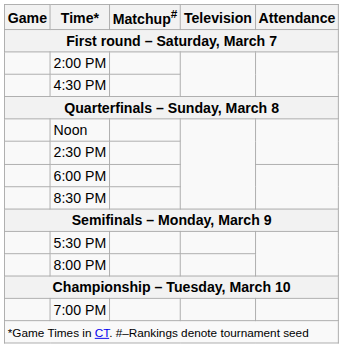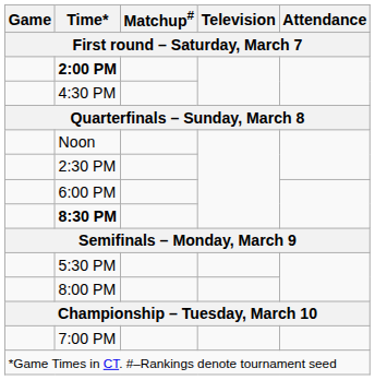 <table class="wikitable" style="font-size: 95%">
 <tr align="center">
 <th>Game</th>
 <th>Time*</th>
 <th>Matchup<sup>#</sup></th>
 <th>Television</th>
 <th>Attendance</th>
 </tr>
 <tr>
 <th colspan=5>First round – Saturday, March 7</th>
 </tr>
 <tr>
 <td></td>
-<td>2:00 PM</td>
+<td><strong>2:00 PM</strong></td>
 <td></td>
 <td rowspan=2></td>
 <td rowspan=2></td>
 </tr>
 <tr>
 <td></td>
 <td>4:30 PM</td>
 <td></td>
 </tr>
 <tr>
 <th colspan=6>Quarterfinals – Sunday, March 8</th>
 </tr>
 <tr>
 <td></td>
 <td>Noon</td>
 <td></td>
 <td rowspan=4></td>
 <td rowspan=2></td>
 </tr>
 <tr>
 <td></td>
 <td>2:30 PM</td>
 <td></td>
 </tr>
 <tr>
 <td></td>
 <td>6:00 PM</td>
 <td></td>
 <td rowspan=2></td>
 </tr>
 <tr>
 <td></td>
-<td>8:30 PM</td>
+<td><strong>8:30 PM</strong></td>
 <td></td>
 </tr>
 <tr>
 <th colspan=6>Semifinals – Monday, March 9</th>
 </tr>
 <tr>
 <td></td>
 <td>5:30 PM</td>
 <td></td>
 <td></td>
 <td rowspan=2></td>
 </tr>
 <tr>
 <td></td>
 <td>8:00 PM</td>
 <td></td>
 <td></td>
 </tr>
 <tr>
 <th colspan=6>Championship – Tuesday, March 10</th>
 </tr>
 <tr>
 <td></td>
 <td>7:00 PM</td>
 <td></td>
 <td></td>
 <td></td>
 </tr>
 <tr>
 <td colspan=6><small>*Game Times in <a href='#'>CT</a>. #–Rankings denote tournament seed</small></td>
 </tr>
 </table>
